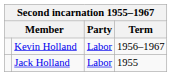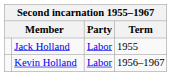 <table class="wikitable">
 <tr>
 <th colspan=4>Second incarnation 1955–1967</th>
 </tr>
 <tr>
 <th colspan="2">Member</th>
 <th>Party</th>
 <th>Term</th>
 </tr>
 <tr>
 <td> </td>
+<td><a href='#'>Jack Holland</a></td>
+<td><a href='#'>Labor</a></td>
+<td>1955</td>
+</tr>
+<tr>
+<td> </td>
 <td><a href='#'>Kevin Holland</a>  </td>
 <td><a href='#'>Labor</a></td>
 <td>1956–1967</td>
 </tr>
-<tr>
-<td> </td>
-<td><a href='#'>Jack Holland</a></td>
-<td><a href='#'>Labor</a></td>
-<td>1955</td>
-</tr>
 </table>
